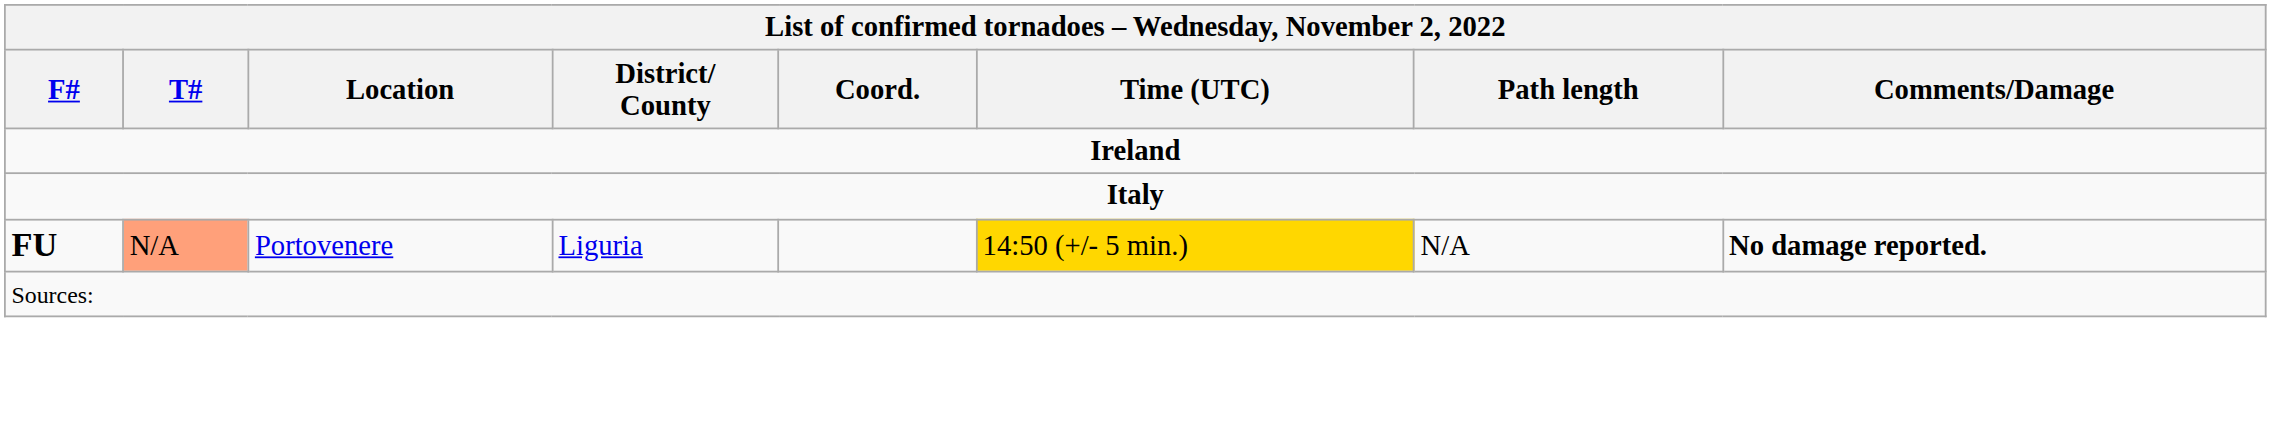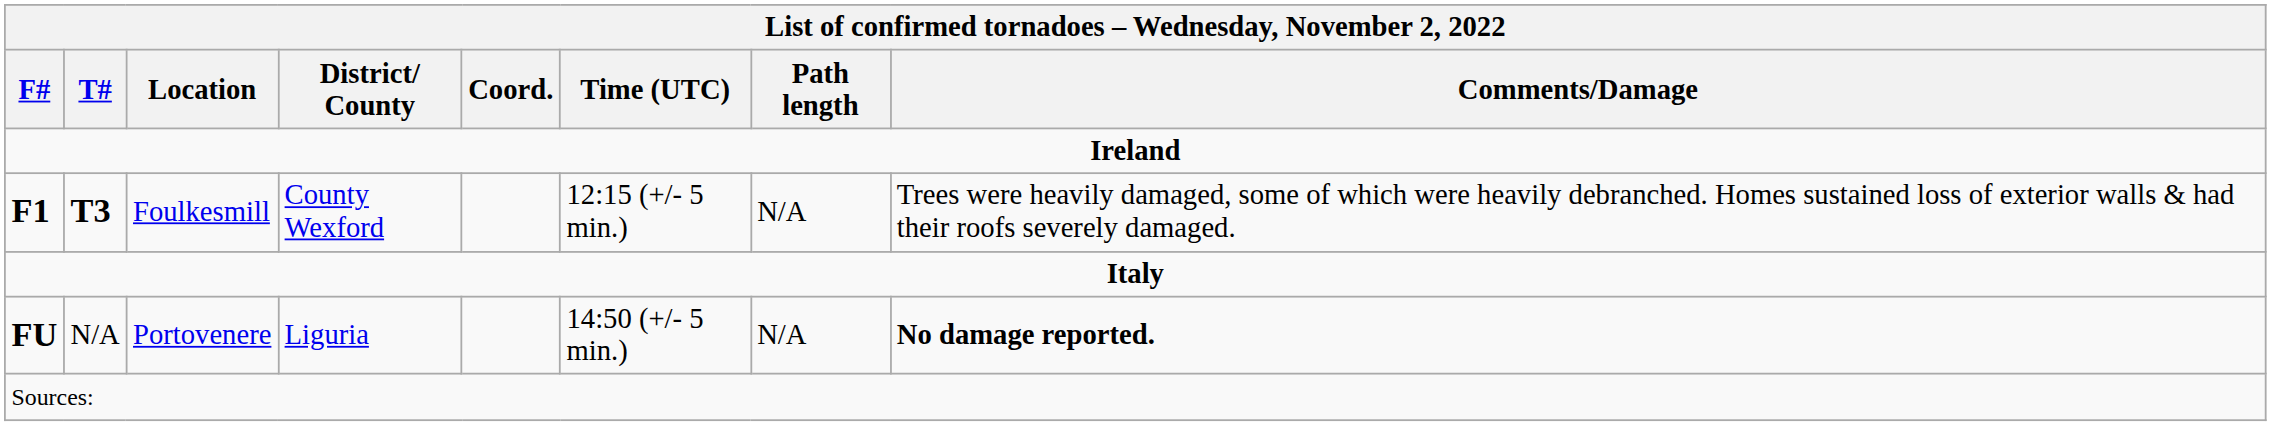 <table class="wikitable collapsible" width="100%">
 <tr>
 <th colspan="8">List of confirmed tornadoes – Wednesday, November 2, 2022</th>
 </tr>
 <tr>
 <th><a href='#'>F#</a></th>
 <th><a href='#'>T#</a></th>
 <th>Location</th>
 <th>District/<br>County</th>
 <th>Coord.</th>
 <th>Time (UTC)</th>
 <th>Path length</th>
 <th>Comments/Damage</th>
 </tr>
 <tr>
 <td colspan="8" align=center><strong>Ireland</strong></td>
 </tr>
 <tr>
+<td><big><strong>F1</strong></big></td>
+<td><big><strong>T3</strong></big></td>
+<td><a href='#'>Foulkesmill</a></td>
+<td><a href='#'>County Wexford</a></td>
+<td></td>
+<td>12:15 (+/- 5 min.)</td>
+<td>N/A</td>
+<td>Trees were heavily damaged, some of which were heavily debranched. Homes sustained loss of exterior walls & had their roofs severely damaged.</td>
+</tr>
+<tr>
 <td colspan="8" align=center><strong>Italy</strong></td>
 </tr>
 <tr>
 <td><big><strong>FU</strong></big></td>
-<td style="background: lightsalmon;">N/A</td>
+<td>N/A</td>
 <td><a href='#'>Portovenere</a></td>
 <td><a href='#'>Liguria</a></td>
 <td></td>
-<td style="background: gold;">14:50 (+/- 5 min.)</td>
+<td>14:50 (+/- 5 min.)</td>
 <td>N/A</td>
 <td><strong>No damage reported.</strong></td>
 </tr>
 <tr>
 <td colspan="8"><small>Sources:  </small></td>
 </tr>
 </table>
